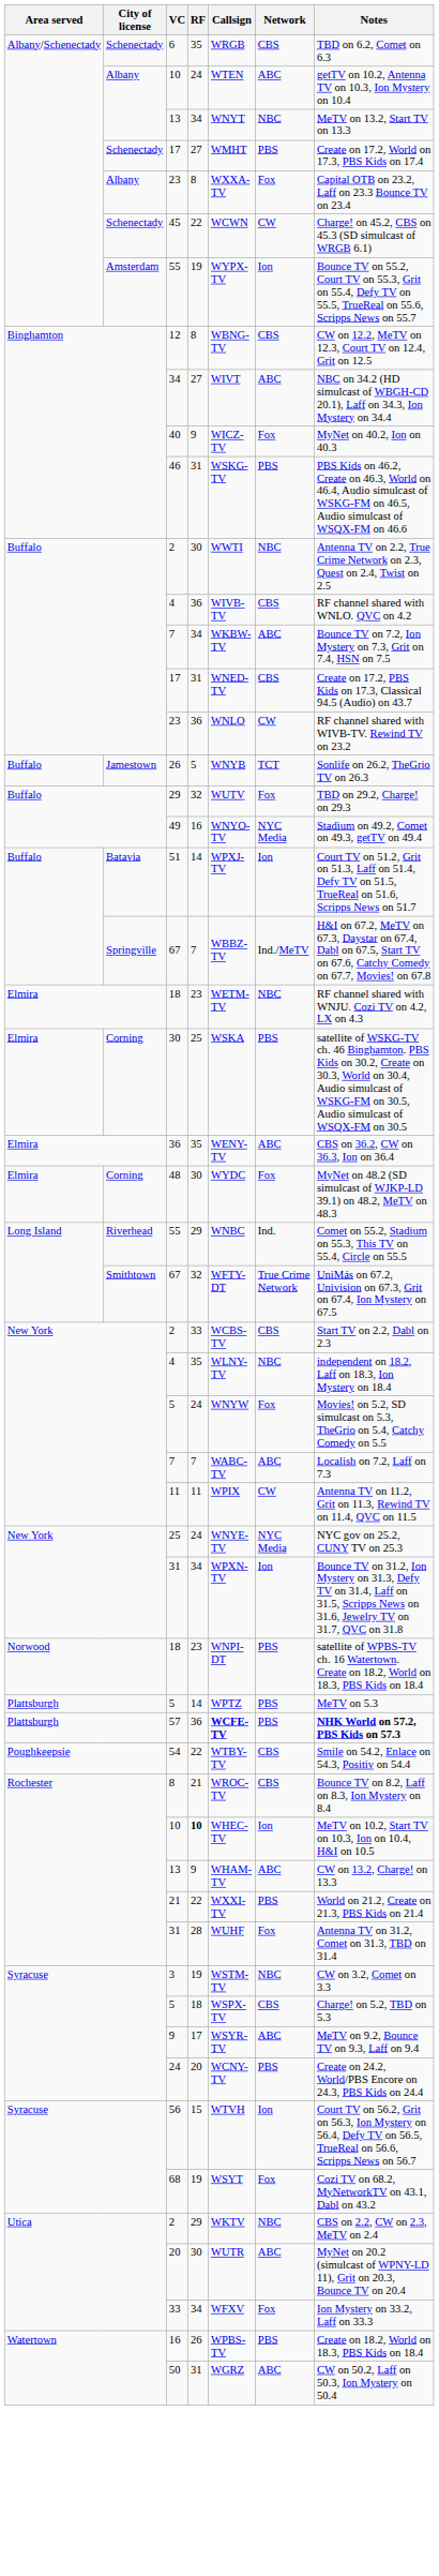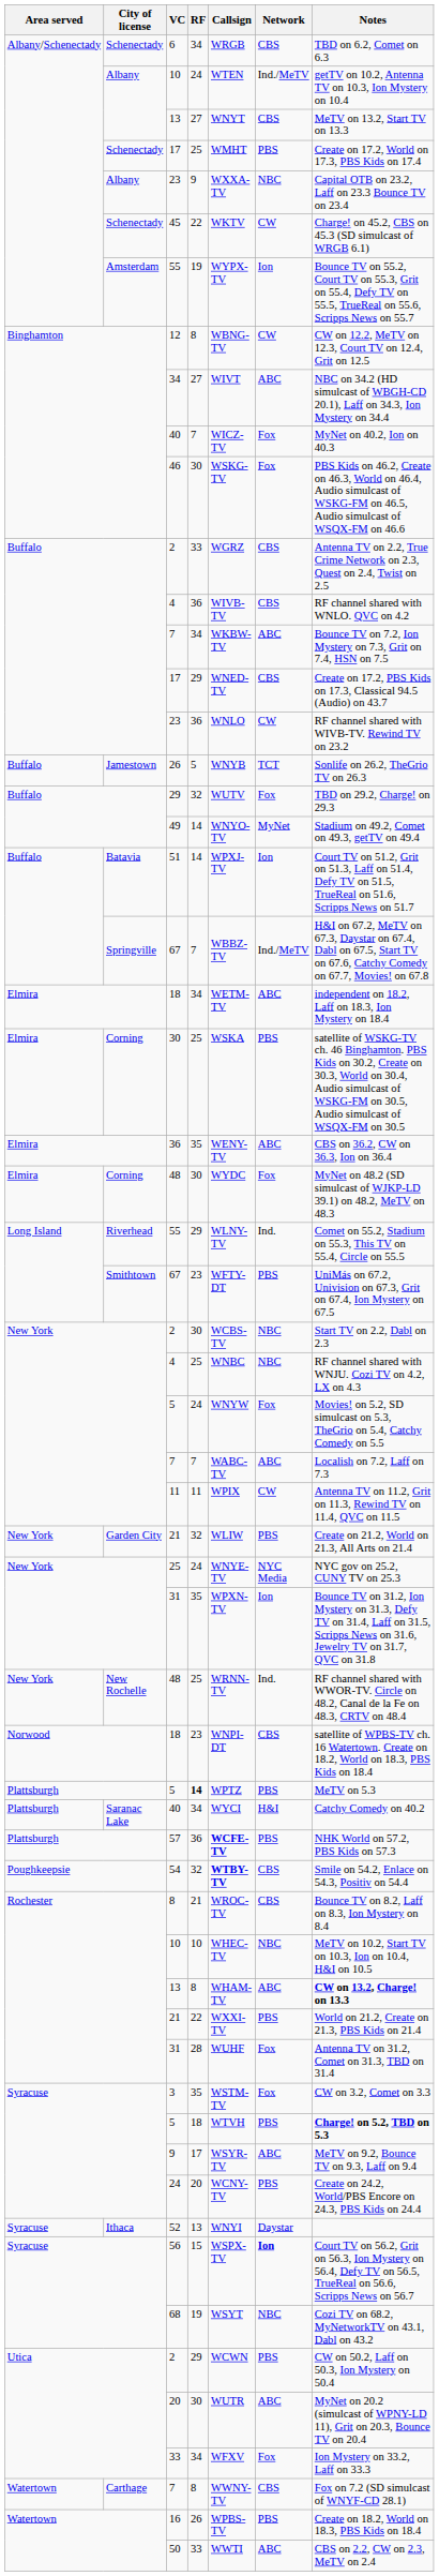 <table class="sortable wikitable" style="margin: 1em 1em 1em 0; background: #f9f9f9;">
 <tr>
 <th>Area served</th>
 <th>City of license</th>
 <th>VC</th>
 <th>RF</th>
 <th>Callsign</th>
 <th>Network</th>
 <th class="unsortable">Notes</th>
 </tr>
 <tr style="vertical-align: top; text-align: left;">
 <td colspan="1" rowspan="7"><a href='#'>Albany</a>/<a href='#'>Schenectady</a></td>
 <td><a href='#'>Schenectady</a></td>
 <td>6</td>
-<td>35</td>
+<td>34</td>
 <td><a href='#'>WRGB</a></td>
 <td><a href='#'>CBS</a></td>
 <td><a href='#'>TBD</a> on 6.2, <a href='#'>Comet</a> on 6.3</td>
 </tr>
 <tr style="vertical-align: top; text-align: left;">
 <td colspan="1" rowspan="2"><a href='#'>Albany</a></td>
 <td>10</td>
 <td>24</td>
 <td><a href='#'>WTEN</a></td>
-<td><a href='#'>ABC</a></td>
+<td>Ind./<a href='#'>MeTV</a></td>
 <td><a href='#'>getTV</a> on 10.2, <a href='#'>Antenna TV</a> on 10.3, <a href='#'>Ion Mystery</a> on 10.4</td>
 </tr>
 <tr style="vertical-align: top; text-align: left;">
 <td>13</td>
-<td>34</td>
+<td>27</td>
 <td><a href='#'>WNYT</a></td>
-<td><a href='#'>NBC</a></td>
+<td><a href='#'>CBS</a></td>
 <td><a href='#'>MeTV</a> on 13.2, <a href='#'>Start TV</a> on 13.3</td>
 </tr>
 <tr style="vertical-align: top; text-align: left;">
 <td><a href='#'>Schenectady</a></td>
 <td>17</td>
-<td>27</td>
+<td>25</td>
 <td><a href='#'>WMHT</a></td>
 <td><a href='#'>PBS</a></td>
 <td><a href='#'>Create</a> on 17.2, <a href='#'>World</a> on 17.3, <a href='#'>PBS Kids</a> on 17.4</td>
 </tr>
 <tr style="vertical-align: top; text-align: left;">
 <td><a href='#'>Albany</a></td>
 <td>23</td>
-<td>8</td>
+<td>9</td>
 <td><a href='#'>WXXA-TV</a></td>
-<td><a href='#'>Fox</a></td>
+<td><a href='#'>NBC</a></td>
 <td><a href='#'>Capital OTB</a> on 23.2, <a href='#'>Laff</a> on 23.3 <a href='#'>Bounce TV</a> on 23.4</td>
 </tr>
 <tr style="vertical-align: top; text-align: left;">
 <td><a href='#'>Schenectady</a></td>
 <td>45</td>
 <td>22</td>
-<td><a href='#'>WCWN</a></td>
+<td><a href='#'>WKTV</a></td>
 <td><a href='#'>CW</a></td>
 <td><a href='#'>Charge!</a> on 45.2, <a href='#'>CBS</a> on 45.3 (SD simulcast of <a href='#'>WRGB</a> 6.1)</td>
 </tr>
 <tr style="vertical-align: top; text-align: left;">
 <td><a href='#'>Amsterdam</a></td>
 <td>55</td>
 <td>19</td>
 <td><a href='#'>WYPX-TV</a></td>
 <td><a href='#'>Ion</a></td>
 <td><a href='#'>Bounce TV</a> on 55.2, <a href='#'>Court TV</a> on 55.3, <a href='#'>Grit</a> on 55.4, <a href='#'>Defy TV</a> on 55.5, <a href='#'>TrueReal</a> on 55.6, <a href='#'>Scripps News</a> on 55.7</td>
 </tr>
 <tr style="vertical-align: top; text-align: left;">
 <td colspan="2" rowspan="4"><a href='#'>Binghamton</a></td>
 <td>12</td>
 <td>8</td>
 <td><a href='#'>WBNG-TV</a></td>
-<td><a href='#'>CBS</a></td>
+<td><a href='#'>CW</a></td>
 <td><a href='#'>CW</a> on <a href='#'>12.2</a>, <a href='#'>MeTV</a> on 12.3, <a href='#'>Court TV</a> on 12.4, <a href='#'>Grit</a> on 12.5</td>
 </tr>
 <tr style="vertical-align: top; text-align: left;">
 <td>34</td>
 <td>27</td>
 <td><a href='#'>WIVT</a></td>
 <td><a href='#'>ABC</a></td>
 <td><a href='#'>NBC</a> on 34.2 (HD simulcast of <a href='#'>WBGH-CD</a> 20.1), <a href='#'>Laff</a> on 34.3, <a href='#'>Ion Mystery</a> on 34.4</td>
 </tr>
 <tr style="vertical-align: top; text-align: left;">
 <td>40</td>
-<td>9</td>
+<td>7</td>
 <td><a href='#'>WICZ-TV</a></td>
 <td><a href='#'>Fox</a></td>
 <td><a href='#'>MyNet</a> on 40.2, <a href='#'>Ion</a> on 40.3</td>
 </tr>
 <tr style="vertical-align: top; text-align: left;">
 <td>46</td>
-<td>31</td>
+<td>30</td>
 <td><a href='#'>WSKG-TV</a></td>
-<td><a href='#'>PBS</a></td>
+<td><a href='#'>Fox</a></td>
 <td><a href='#'>PBS Kids</a> on 46.2, <a href='#'>Create</a> on 46.3, <a href='#'>World</a> on 46.4, Audio simulcast of <a href='#'>WSKG-FM</a> on 46.5, Audio simulcast of <a href='#'>WSQX-FM</a> on 46.6</td>
 </tr>
 <tr style="vertical-align: top; text-align: left;">
 <td colspan="2" rowspan="5"><a href='#'>Buffalo</a></td>
 <td>2</td>
-<td>30</td>
-<td><a href='#'>WWTI</a></td>
-<td><a href='#'>NBC</a></td>
+<td>33</td>
+<td><a href='#'>WGRZ</a></td>
+<td><a href='#'>CBS</a></td>
 <td><a href='#'>Antenna TV</a> on 2.2, <a href='#'>True Crime Network</a> on 2.3, <a href='#'>Quest</a> on 2.4, <a href='#'>Twist</a> on 2.5</td>
 </tr>
 <tr style="vertical-align: top; text-align: left;">
 <td>4</td>
 <td>36</td>
 <td><a href='#'>WIVB-TV</a></td>
 <td><a href='#'>CBS</a></td>
 <td>RF channel shared with WNLO. <a href='#'>QVC</a> on 4.2</td>
 </tr>
 <tr style="vertical-align: top; text-align: left;">
 <td>7</td>
 <td>34</td>
 <td><a href='#'>WKBW-TV</a></td>
 <td><a href='#'>ABC</a></td>
 <td><a href='#'>Bounce TV</a> on 7.2, <a href='#'>Ion Mystery</a> on 7.3, <a href='#'>Grit</a> on 7.4, <a href='#'>HSN</a> on 7.5</td>
 </tr>
 <tr style="vertical-align: top; text-align: left;">
 <td>17</td>
-<td>31</td>
+<td>29</td>
 <td><a href='#'>WNED-TV</a></td>
 <td><a href='#'>CBS</a></td>
 <td><a href='#'>Create</a> on 17.2, <a href='#'>PBS Kids</a> on 17.3, Classical 94.5 (Audio) on 43.7</td>
 </tr>
 <tr style="vertical-align: top; text-align: left;">
 <td>23</td>
 <td>36</td>
 <td><a href='#'>WNLO</a></td>
 <td><a href='#'>CW</a></td>
 <td>RF channel shared with WIVB-TV. <a href='#'>Rewind TV</a> on 23.2</td>
 </tr>
 <tr style="vertical-align: top; text-align: left;">
 <td><a href='#'>Buffalo</a></td>
 <td><a href='#'>Jamestown</a></td>
 <td>26</td>
 <td>5</td>
 <td><a href='#'>WNYB</a></td>
 <td><a href='#'>TCT</a></td>
 <td><a href='#'>Sonlife</a> on 26.2, <a href='#'>TheGrio TV</a> on 26.3</td>
 </tr>
 <tr style="vertical-align: top; text-align: left;">
 <td colspan="2" rowspan="2"><a href='#'>Buffalo</a></td>
 <td>29</td>
 <td>32</td>
 <td><a href='#'>WUTV</a></td>
 <td><a href='#'>Fox</a></td>
 <td><a href='#'>TBD</a> on 29.2, <a href='#'>Charge!</a> on 29.3</td>
 </tr>
 <tr style="vertical-align: top; text-align: left;">
 <td>49</td>
-<td>16</td>
+<td>14</td>
 <td><a href='#'>WNYO-TV</a></td>
-<td><a href='#'>NYC Media</a></td>
+<td><a href='#'>MyNet</a></td>
 <td><a href='#'>Stadium</a> on 49.2, <a href='#'>Comet</a> on 49.3, <a href='#'>getTV</a> on 49.4</td>
 </tr>
 <tr style="vertical-align: top; text-align: left;">
 <td colspan="1" rowspan="2"><a href='#'>Buffalo</a></td>
 <td><a href='#'>Batavia</a></td>
 <td>51</td>
 <td>14</td>
 <td><a href='#'>WPXJ-TV</a></td>
 <td><a href='#'>Ion</a></td>
 <td><a href='#'>Court TV</a> on 51.2, <a href='#'>Grit</a> on 51.3, <a href='#'>Laff</a> on 51.4, <a href='#'>Defy TV</a> on 51.5, <a href='#'>TrueReal</a> on 51.6, <a href='#'>Scripps News</a> on 51.7</td>
 </tr>
 <tr style=“vertical-align: top; text-align: left;”>
 <td><a href='#'>Springville</a></td>
 <td>67</td>
 <td>7</td>
 <td><a href='#'>WBBZ-TV</a></td>
 <td>Ind./<a href='#'>MeTV</a></td>
 <td><a href='#'>H&I</a> on 67.2, <a href='#'>MeTV</a> on 67.3, <a href='#'>Daystar</a> on 67.4, <a href='#'>Dabl</a> on 67.5, <a href='#'>Start TV</a> on 67.6, <a href='#'>Catchy Comedy</a> on 67.7, <a href='#'>Movies!</a> on 67.8</td>
 </tr>
 <tr style="vertical-align: top; text-align: left;">
 <td colspan="2"><a href='#'>Elmira</a></td>
 <td>18</td>
-<td>23</td>
+<td>34</td>
 <td><a href='#'>WETM-TV</a></td>
-<td><a href='#'>NBC</a></td>
-<td>RF channel shared with WNJU. <a href='#'>Cozi TV</a> on 4.2, <a href='#'>LX</a> on 4.3</td>
+<td><a href='#'>ABC</a></td>
+<td><a href='#'>independent</a> on <a href='#'>18.2</a>, <a href='#'>Laff</a> on 18.3, <a href='#'>Ion Mystery</a> on 18.4</td>
 </tr>
 <tr style="vertical-align: top; text-align: left;">
 <td><a href='#'>Elmira</a></td>
 <td><a href='#'>Corning</a></td>
 <td>30</td>
 <td>25</td>
 <td><a href='#'>WSKA</a></td>
 <td><a href='#'>PBS</a></td>
 <td>satellite of <a href='#'>WSKG-TV</a> ch. 46 <a href='#'>Binghamton</a>. <a href='#'>PBS Kids</a> on 30.2, <a href='#'>Create</a> on 30.3, <a href='#'>World</a> on 30.4, Audio simulcast of <a href='#'>WSKG-FM</a> on 30.5, Audio simulcast of <a href='#'>WSQX-FM</a> on 30.5</td>
 </tr>
 <tr style="vertical-align: top; text-align: left;">
 <td colspan="2"><a href='#'>Elmira</a></td>
 <td>36</td>
 <td>35</td>
 <td><a href='#'>WENY-TV</a></td>
 <td><a href='#'>ABC</a></td>
 <td><a href='#'>CBS</a> on <a href='#'>36.2</a>, <a href='#'>CW</a> on <a href='#'>36.3</a>, <a href='#'>Ion</a> on 36.4</td>
 </tr>
 <tr style="vertical-align: top; text-align: left;">
 <td><a href='#'>Elmira</a></td>
 <td><a href='#'>Corning</a></td>
 <td>48</td>
 <td>30</td>
 <td><a href='#'>WYDC</a></td>
 <td><a href='#'>Fox</a></td>
 <td><a href='#'>MyNet</a> on 48.2 (SD simulcast of <a href='#'>WJKP-LD</a> 39.1) on 48.2, <a href='#'>MeTV</a> on 48.3</td>
 </tr>
 <tr style="vertical-align: top; text-align: left;">
 <td colspan="1" rowspan="2"><a href='#'>Long Island</a></td>
 <td><a href='#'>Riverhead</a></td>
 <td>55</td>
 <td>29</td>
-<td><a href='#'>WNBC</a></td>
+<td><a href='#'>WLNY-TV</a></td>
 <td>Ind.</td>
 <td><a href='#'>Comet</a> on 55.2, <a href='#'>Stadium</a> on 55.3, <a href='#'>This TV</a> on 55.4, <a href='#'>Circle</a> on 55.5</td>
 </tr>
 <tr style="vertical-align: top; text-align: left;">
 <td><a href='#'>Smithtown</a></td>
 <td>67</td>
-<td>32</td>
+<td>23</td>
 <td><a href='#'>WFTY-DT</a></td>
-<td><a href='#'>True Crime Network</a></td>
+<td><a href='#'>PBS</a></td>
 <td><a href='#'>UniMás</a> on 67.2, <a href='#'>Univision</a> on 67.3, <a href='#'>Grit</a> on 67.4, <a href='#'>Ion Mystery</a> on 67.5</td>
 </tr>
 <tr style="vertical-align: top; text-align: left;">
 <td colspan="2" rowspan="5"><a href='#'>New York</a></td>
 <td>2</td>
-<td>33</td>
+<td>30</td>
 <td><a href='#'>WCBS-TV</a></td>
-<td><a href='#'>CBS</a></td>
+<td><a href='#'>NBC</a></td>
 <td><a href='#'>Start TV</a> on 2.2, <a href='#'>Dabl</a> on 2.3</td>
 </tr>
 <tr style="vertical-align: top; text-align: left;">
 <td>4</td>
-<td>35</td>
-<td><a href='#'>WLNY-TV</a></td>
+<td>25</td>
+<td><a href='#'>WNBC</a></td>
 <td><a href='#'>NBC</a></td>
-<td><a href='#'>independent</a> on <a href='#'>18.2</a>, <a href='#'>Laff</a> on 18.3, <a href='#'>Ion Mystery</a> on 18.4</td>
+<td>RF channel shared with WNJU. <a href='#'>Cozi TV</a> on 4.2, <a href='#'>LX</a> on 4.3</td>
 </tr>
 <tr style="vertical-align: top; text-align: left;">
 <td>5</td>
 <td>24</td>
 <td><a href='#'>WNYW</a></td>
 <td><a href='#'>Fox</a></td>
 <td><a href='#'>Movies!</a> on 5.2, SD simulcast on 5.3, <a href='#'>TheGrio</a> on 5.4, <a href='#'>Catchy Comedy</a> on 5.5</td>
 </tr>
 <tr style="vertical-align: top; text-align: left;">
 <td>7</td>
 <td>7</td>
 <td><a href='#'>WABC-TV</a></td>
 <td><a href='#'>ABC</a></td>
 <td><a href='#'>Localish</a> on 7.2, <a href='#'>Laff</a> on 7.3</td>
 </tr>
 <tr style="vertical-align: top; text-align: left;">
 <td>11</td>
 <td>11</td>
 <td><a href='#'>WPIX</a></td>
 <td><a href='#'>CW</a></td>
 <td><a href='#'>Antenna TV</a> on 11.2, <a href='#'>Grit</a> on 11.3, <a href='#'>Rewind TV</a> on 11.4, <a href='#'>QVC</a> on 11.5</td>
 </tr>
 <tr style="vertical-align: top; text-align: left;">
+<td><a href='#'>New York</a></td>
+<td><a href='#'>Garden City</a></td>
+<td>21</td>
+<td>32</td>
+<td><a href='#'>WLIW</a></td>
+<td><a href='#'>PBS</a></td>
+<td><a href='#'>Create</a> on 21.2, <a href='#'>World</a> on 21.3, All Arts on 21.4</td>
+</tr>
+<tr style="vertical-align: top; text-align: left;">
 <td colspan="2" rowspan="2"><a href='#'>New York</a></td>
 <td>25</td>
 <td>24</td>
 <td><a href='#'>WNYE-TV</a></td>
 <td><a href='#'>NYC Media</a></td>
 <td>NYC gov on 25.2, <a href='#'>CUNY</a> TV on 25.3</td>
 </tr>
 <tr style="vertical-align: top; text-align: left;">
 <td>31</td>
-<td>34</td>
+<td>35</td>
 <td><a href='#'>WPXN-TV</a></td>
 <td><a href='#'>Ion</a></td>
 <td><a href='#'>Bounce TV</a> on 31.2, <a href='#'>Ion Mystery</a> on 31.3, <a href='#'>Defy TV</a> on 31.4, <a href='#'>Laff</a> on 31.5, <a href='#'>Scripps News</a> on 31.6, <a href='#'>Jewelry TV</a> on 31.7, <a href='#'>QVC</a> on 31.8</td>
+</tr>
+<tr style="vertical-align: top; text-align: left;">
+<td><a href='#'>New York</a></td>
+<td><a href='#'>New Rochelle</a></td>
+<td>48</td>
+<td>25</td>
+<td><a href='#'>WRNN-TV</a></td>
+<td>Ind.</td>
+<td>RF channel shared with WWOR-TV. <a href='#'>Circle</a> on 48.2, Canal de la Fe on 48.3, <a href='#'>CRTV</a> on 48.4</td>
 </tr>
 <tr style="vertical-align: top; text-align: left;">
 <td colspan="2"><a href='#'>Norwood</a></td>
 <td>18</td>
 <td>23</td>
 <td><a href='#'>WNPI-DT</a></td>
-<td><a href='#'>PBS</a></td>
+<td><a href='#'>CBS</a></td>
 <td>satellite of <a href='#'>WPBS-TV</a> ch. 16 <a href='#'>Watertown</a>. <a href='#'>Create</a> on 18.2, <a href='#'>World</a> on 18.3, <a href='#'>PBS Kids</a> on 18.4</td>
 </tr>
 <tr style="vertical-align: top; text-align: left;">
 <td colspan="2"><a href='#'>Plattsburgh</a></td>
 <td>5</td>
-<td>14</td>
+<td><strong>14</strong></td>
 <td><a href='#'>WPTZ</a></td>
 <td><a href='#'>PBS</a></td>
 <td><a href='#'>MeTV</a> on 5.3</td>
+</tr>
+<tr style="vertical-align: top; text-align: left;">
+<td><a href='#'>Plattsburgh</a></td>
+<td><a href='#'>Saranac Lake</a></td>
+<td>40</td>
+<td>34</td>
+<td><a href='#'>WYCI</a></td>
+<td><a href='#'>H&I</a></td>
+<td><a href='#'>Catchy Comedy</a> on 40.2</td>
 </tr>
 <tr style="vertical-align: top; text-align: left;">
 <td colspan="2"><a href='#'>Plattsburgh</a></td>
 <td>57</td>
 <td>36</td>
 <td><strong><a href='#'>WCFE-TV</a></strong></td>
 <td><a href='#'>PBS</a></td>
-<td><strong><a href='#'>NHK World</a> on 57.2, <a href='#'>PBS Kids</a> on 57.3</strong></td>
+<td><a href='#'>NHK World</a> on 57.2, <a href='#'>PBS Kids</a> on 57.3</td>
 </tr>
 <tr style="vertical-align: top; text-align: left;">
 <td colspan="2"><a href='#'>Poughkeepsie</a></td>
 <td>54</td>
-<td>22</td>
-<td><a href='#'>WTBY-TV</a></td>
+<td>32</td>
+<td><strong><a href='#'>WTBY-TV</a></strong></td>
 <td><a href='#'>CBS</a></td>
 <td><a href='#'>Smile</a> on 54.2, <a href='#'>Enlace</a> on 54.3, <a href='#'>Positiv</a> on 54.4</td>
 </tr>
 <tr style="vertical-align: top; text-align: left;">
 <td colspan="2" rowspan="5"><a href='#'>Rochester</a></td>
 <td>8</td>
 <td>21</td>
 <td><a href='#'>WROC-TV</a></td>
 <td><a href='#'>CBS</a></td>
 <td><a href='#'>Bounce TV</a> on 8.2, <a href='#'>Laff</a> on 8.3, <a href='#'>Ion Mystery</a> on 8.4</td>
 </tr>
 <tr style="vertical-align: top; text-align: left;">
 <td>10</td>
-<td><strong>10</strong></td>
+<td>10</td>
 <td><a href='#'>WHEC-TV</a></td>
-<td><a href='#'>Ion</a></td>
+<td><a href='#'>NBC</a></td>
 <td><a href='#'>MeTV</a> on 10.2, <a href='#'>Start TV</a> on 10.3, <a href='#'>Ion</a> on 10.4, <a href='#'>H&I</a> on 10.5</td>
 </tr>
 <tr style="vertical-align: top; text-align: left;">
 <td>13</td>
-<td>9</td>
+<td>8</td>
 <td><a href='#'>WHAM-TV</a></td>
 <td><a href='#'>ABC</a></td>
-<td><a href='#'>CW</a> on <a href='#'>13.2</a>, <a href='#'>Charge!</a> on 13.3</td>
+<td><strong><a href='#'>CW</a> on <a href='#'>13.2</a>, <a href='#'>Charge!</a> on 13.3</strong></td>
 </tr>
 <tr style="vertical-align: top; text-align: left;">
 <td>21</td>
 <td>22</td>
 <td><a href='#'>WXXI-TV</a></td>
 <td><a href='#'>PBS</a></td>
 <td><a href='#'>World</a> on 21.2, <a href='#'>Create</a> on 21.3, <a href='#'>PBS Kids</a> on 21.4</td>
 </tr>
 <tr style="vertical-align: top; text-align: left;">
 <td>31</td>
 <td>28</td>
 <td><a href='#'>WUHF</a></td>
 <td><a href='#'>Fox</a></td>
 <td><a href='#'>Antenna TV</a> on 31.2, <a href='#'>Comet</a> on 31.3, <a href='#'>TBD</a> on 31.4</td>
 </tr>
 <tr style="vertical-align: top; text-align: left;">
 <td colspan="2" rowspan="4"><a href='#'>Syracuse</a></td>
 <td>3</td>
-<td>19</td>
+<td>35</td>
 <td><a href='#'>WSTM-TV</a></td>
-<td><a href='#'>NBC</a></td>
+<td><a href='#'>Fox</a></td>
 <td><a href='#'>CW</a> on 3.2, <a href='#'>Comet</a> on 3.3</td>
 </tr>
 <tr style="vertical-align: top; text-align: left;">
 <td>5</td>
 <td>18</td>
-<td><a href='#'>WSPX-TV</a></td>
-<td><a href='#'>CBS</a></td>
-<td><a href='#'>Charge!</a> on 5.2, <a href='#'>TBD</a> on 5.3</td>
+<td><a href='#'>WTVH</a></td>
+<td><a href='#'>PBS</a></td>
+<td><strong><a href='#'>Charge!</a> on 5.2, <a href='#'>TBD</a> on 5.3</strong></td>
 </tr>
 <tr style="vertical-align: top; text-align: left;">
 <td>9</td>
 <td>17</td>
 <td><a href='#'>WSYR-TV</a></td>
 <td><a href='#'>ABC</a></td>
 <td><a href='#'>MeTV</a> on 9.2, <a href='#'>Bounce TV</a> on 9.3, <a href='#'>Laff</a> on 9.4</td>
 </tr>
 <tr style="vertical-align: top; text-align: left;">
 <td>24</td>
 <td>20</td>
 <td><a href='#'>WCNY-TV</a></td>
 <td><a href='#'>PBS</a></td>
 <td><a href='#'>Create</a> on 24.2, <a href='#'>World</a>/PBS Encore on 24.3, <a href='#'>PBS Kids</a> on 24.4</td>
 </tr>
 <tr style="vertical-align: top; text-align: left;">
+<td><a href='#'>Syracuse</a></td>
+<td><a href='#'>Ithaca</a></td>
+<td>52</td>
+<td>13</td>
+<td><a href='#'>WNYI</a></td>
+<td><a href='#'>Daystar</a></td>
+<td></td>
+</tr>
+<tr style="vertical-align: top; text-align: left;">
 <td colspan="2" rowspan="2"><a href='#'>Syracuse</a></td>
 <td>56</td>
 <td>15</td>
-<td><a href='#'>WTVH</a></td>
-<td><a href='#'>Ion</a></td>
+<td><a href='#'>WSPX-TV</a></td>
+<td><strong><a href='#'>Ion</a></strong></td>
 <td><a href='#'>Court TV</a> on 56.2, <a href='#'>Grit</a> on 56.3, <a href='#'>Ion Mystery</a> on 56.4, <a href='#'>Defy TV</a> on 56.5, <a href='#'>TrueReal</a> on 56.6, <a href='#'>Scripps News</a> on 56.7</td>
 </tr>
 <tr style="vertical-align: top; text-align: left;">
 <td>68</td>
 <td>19</td>
 <td><a href='#'>WSYT</a></td>
-<td><a href='#'>Fox</a></td>
+<td><a href='#'>NBC</a></td>
 <td><a href='#'>Cozi TV</a> on 68.2, <a href='#'>MyNetworkTV</a> on 43.1, <a href='#'>Dabl</a> on 43.2</td>
 </tr>
 <tr style="vertical-align: top; text-align: left;">
 <td colspan="2" rowspan="3"><a href='#'>Utica</a></td>
 <td>2</td>
 <td>29</td>
-<td><a href='#'>WKTV</a></td>
-<td><a href='#'>NBC</a></td>
-<td><a href='#'>CBS</a> on <a href='#'>2.2</a>, <a href='#'>CW</a> on <a href='#'>2.3</a>, <a href='#'>MeTV</a> on 2.4</td>
+<td><a href='#'>WCWN</a></td>
+<td><a href='#'>PBS</a></td>
+<td><a href='#'>CW</a> on 50.2, <a href='#'>Laff</a> on 50.3, <a href='#'>Ion Mystery</a> on 50.4</td>
 </tr>
 <tr style="vertical-align: top; text-align: left;">
 <td>20</td>
 <td>30</td>
 <td><a href='#'>WUTR</a></td>
 <td><a href='#'>ABC</a></td>
 <td><a href='#'>MyNet</a> on 20.2  (simulcast of <a href='#'>WPNY-LD</a> 11), <a href='#'>Grit</a> on 20.3, <a href='#'>Bounce TV</a> on 20.4</td>
 </tr>
 <tr style="vertical-align: top; text-align: left;">
 <td>33</td>
 <td>34</td>
 <td><a href='#'>WFXV</a></td>
 <td><a href='#'>Fox</a></td>
 <td><a href='#'>Ion Mystery</a> on 33.2, <a href='#'>Laff</a> on 33.3</td>
 </tr>
 <tr style="vertical-align: top; text-align: left;">
+<td><a href='#'>Watertown</a></td>
+<td><a href='#'>Carthage</a></td>
+<td>7</td>
+<td>8</td>
+<td><a href='#'>WWNY-TV</a></td>
+<td><a href='#'>CBS</a></td>
+<td><a href='#'>Fox</a> on 7.2  (SD simulcast of <a href='#'>WNYF-CD</a> 28.1)</td>
+</tr>
+<tr style="vertical-align: top; text-align: left;">
 <td colspan="2" rowspan="2"><a href='#'>Watertown</a></td>
 <td>16</td>
 <td>26</td>
 <td><a href='#'>WPBS-TV</a></td>
 <td><a href='#'>PBS</a></td>
 <td><a href='#'>Create</a> on 18.2, <a href='#'>World</a> on 18.3, <a href='#'>PBS Kids</a> on 18.4</td>
 </tr>
 <tr style="vertical-align: top; text-align: left;">
 <td>50</td>
-<td>31</td>
-<td><a href='#'>WGRZ</a></td>
+<td>33</td>
+<td><a href='#'>WWTI</a></td>
 <td><a href='#'>ABC</a></td>
-<td><a href='#'>CW</a> on 50.2, <a href='#'>Laff</a> on 50.3, <a href='#'>Ion Mystery</a> on 50.4</td>
+<td><a href='#'>CBS</a> on <a href='#'>2.2</a>, <a href='#'>CW</a> on <a href='#'>2.3</a>, <a href='#'>MeTV</a> on 2.4</td>
 </tr>
 </table>
